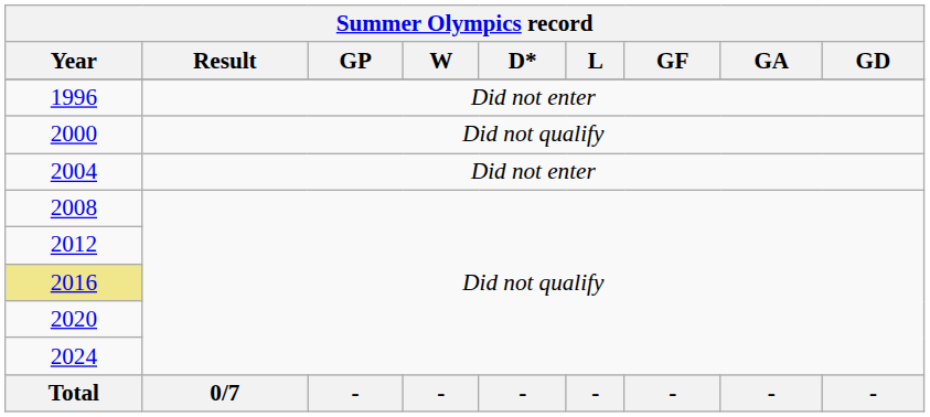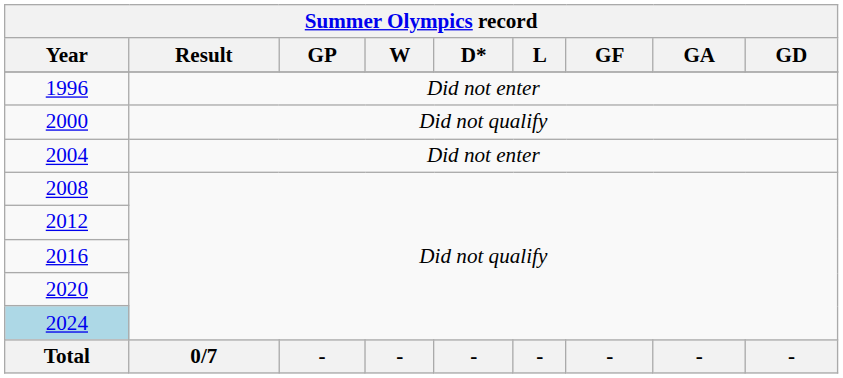 <table class="wikitable" style="text-align: center; width:50%;">
 <tr>
 <th colspan=9><a href='#'>Summer Olympics</a> record</th>
 </tr>
 <tr>
 <th>Year</th>
 <th>Result</th>
 <th>GP</th>
 <th>W</th>
 <th>D*</th>
 <th>L</th>
 <th>GF</th>
 <th>GA</th>
 <th>GD</th>
 </tr>
 <tr>
 </tr>
 <tr>
 <td> <a href='#'>1996</a></td>
 <td colspan=8><em>Did not enter</em></td>
 </tr>
 <tr>
 <td> <a href='#'>2000</a></td>
 <td colspan=8><em>Did not qualify</em></td>
 </tr>
 <tr>
 <td> <a href='#'>2004</a></td>
 <td colspan=8><em>Did not enter</em></td>
 </tr>
 <tr>
 <td> <a href='#'>2008</a></td>
 <td colspan=8 rowspan=5><em>Did not qualify</em></td>
 </tr>
 <tr>
 <td> <a href='#'>2012</a></td>
 </tr>
 <tr>
-<td style="background: khaki;"> <a href='#'>2016</a></td>
+<td> <a href='#'>2016</a></td>
 </tr>
 <tr>
 <td> <a href='#'>2020</a></td>
 </tr>
 <tr>
-<td> <a href='#'>2024</a></td>
+<td style="background: lightblue;"> <a href='#'>2024</a></td>
 </tr>
 <tr>
 <th>Total</th>
 <th>0/7</th>
 <th>-</th>
 <th>-</th>
 <th>-</th>
 <th>-</th>
 <th>-</th>
 <th>-</th>
 <th>-</th>
 </tr>
 </table>
